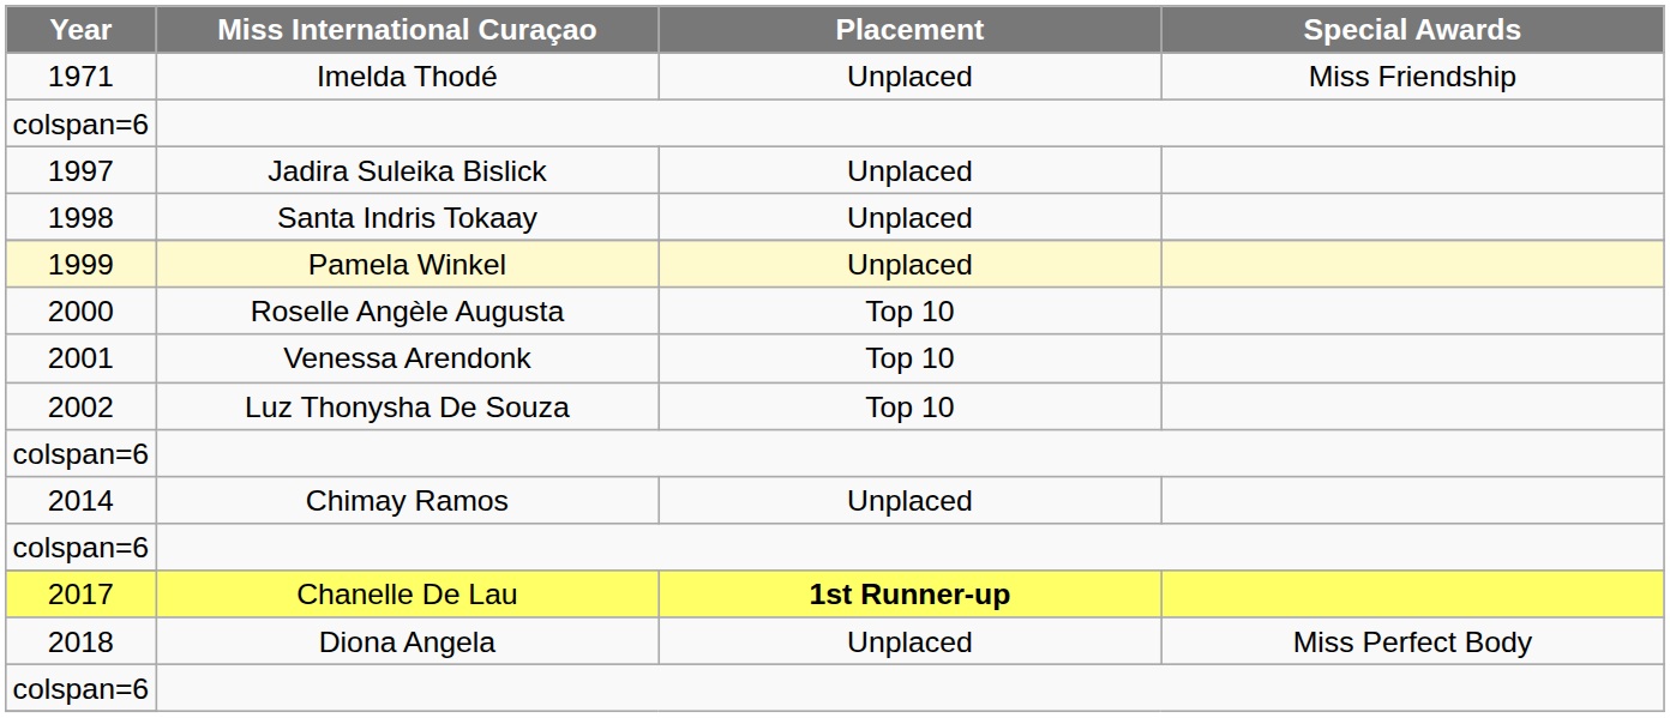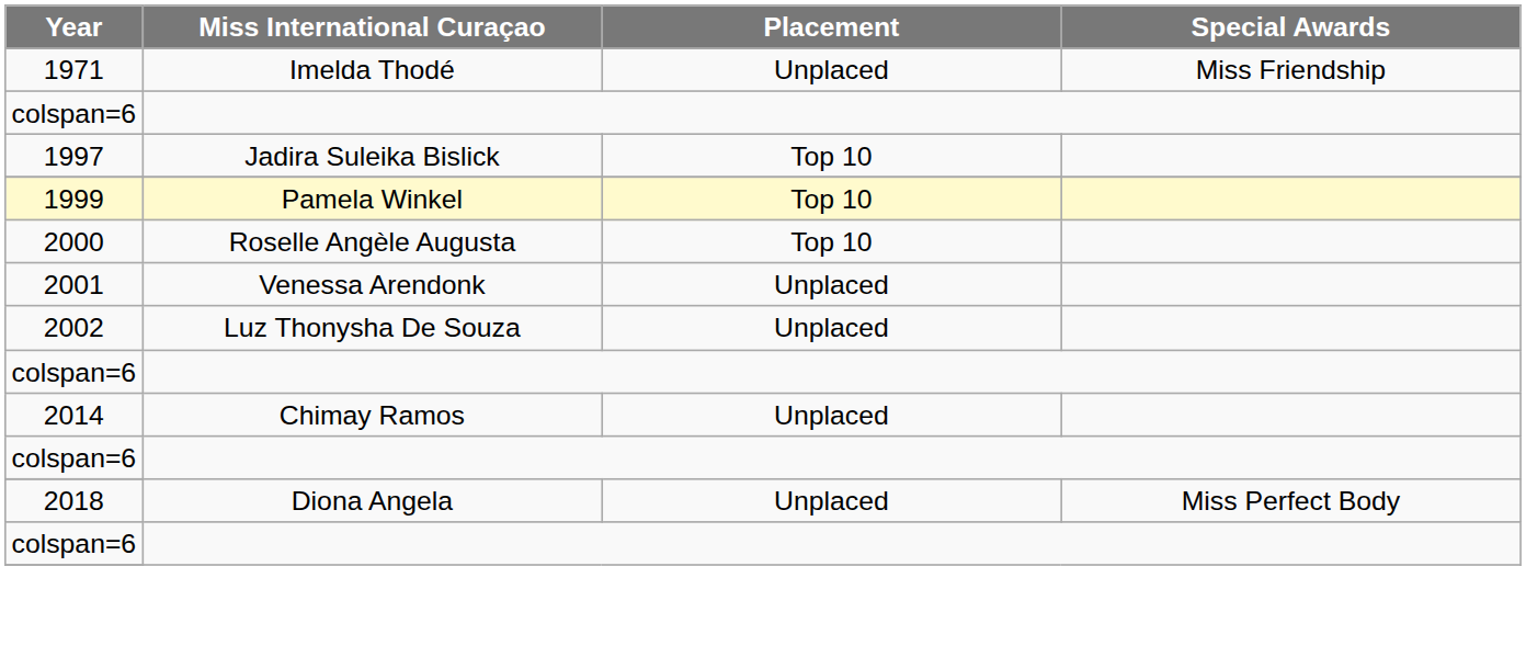 <table class="wikitable sortable" style="font-size: 95%; text-align:center">
 <tr>
 <th width="60" style="background-color:#787878;color:#FFFFFF;">Year</th>
 <th width="250" style="background-color:#787878;color:#FFFFFF;">Miss International Curaçao</th>
 <th width="250" style="background-color:#787878;color:#FFFFFF;">Placement</th>
 <th width="250" style="background-color:#787878;color:#FFFFFF;">Special Awards</th>
 </tr>
 <tr>
 <td>1971</td>
 <td>Imelda Thodé</td>
 <td>Unplaced</td>
 <td>Miss Friendship</td>
 </tr>
 <tr>
 <td>colspan=6 </td>
 </tr>
 <tr>
 <td>1997</td>
 <td>Jadira Suleika Bislick</td>
-<td>Unplaced</td>
-<td></td>
-</tr>
-<tr>
-<td>1998</td>
-<td>Santa Indris Tokaay</td>
-<td>Unplaced</td>
+<td>Top 10</td>
 <td></td>
 </tr>
 <tr>
 </tr>
 <tr style="background-color:#FFFACD;">
 <td>1999</td>
 <td>Pamela Winkel</td>
-<td>Unplaced</td>
+<td>Top 10</td>
 <td></td>
 </tr>
 <tr>
 <td>2000</td>
 <td>Roselle Angèle Augusta</td>
 <td>Top 10</td>
 <td></td>
 </tr>
 <tr>
 <td>2001</td>
 <td>Venessa Arendonk</td>
-<td>Top 10</td>
+<td>Unplaced</td>
 <td></td>
 </tr>
 <tr>
 <td>2002</td>
 <td>Luz Thonysha De Souza</td>
-<td>Top 10</td>
+<td>Unplaced</td>
 <td></td>
 </tr>
 <tr>
 <td>colspan=6 </td>
 </tr>
 <tr>
 <td>2014</td>
 <td>Chimay Ramos</td>
 <td>Unplaced</td>
 <td></td>
 </tr>
 <tr>
 <td>colspan=6 </td>
 </tr>
 <tr>
 </tr>
-<tr style="background-color:#FFFF66">
-<td>2017</td>
-<td>Chanelle De Lau</td>
-<td><strong>1st Runner-up</strong></td>
-<td></td>
-</tr>
 <tr>
 <td>2018</td>
 <td>Diona Angela</td>
 <td>Unplaced</td>
 <td>Miss Perfect Body</td>
 </tr>
 <tr>
 <td>colspan=6 </td>
 </tr>
 <tr>
 </tr>
 </table>
